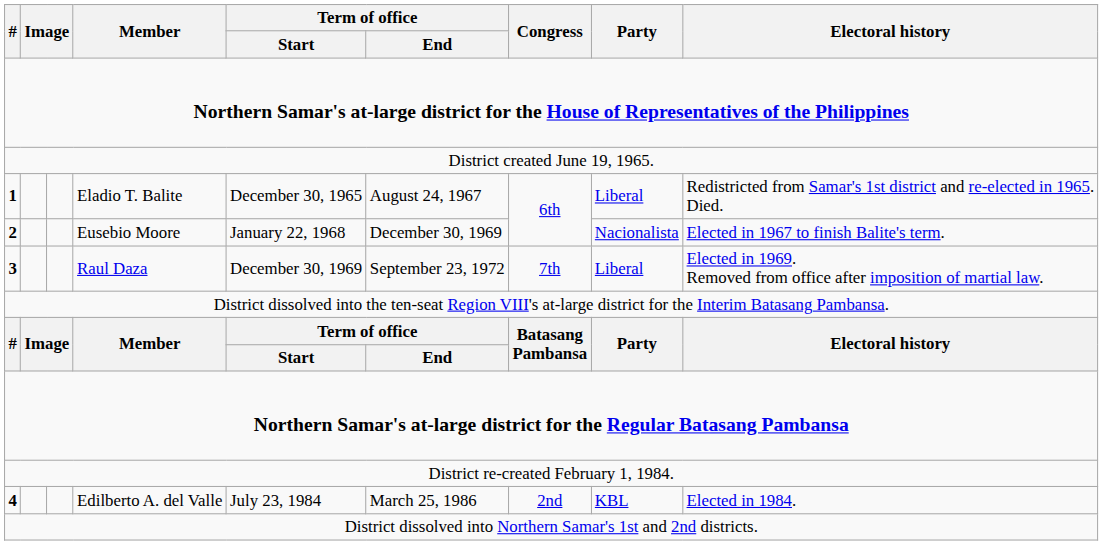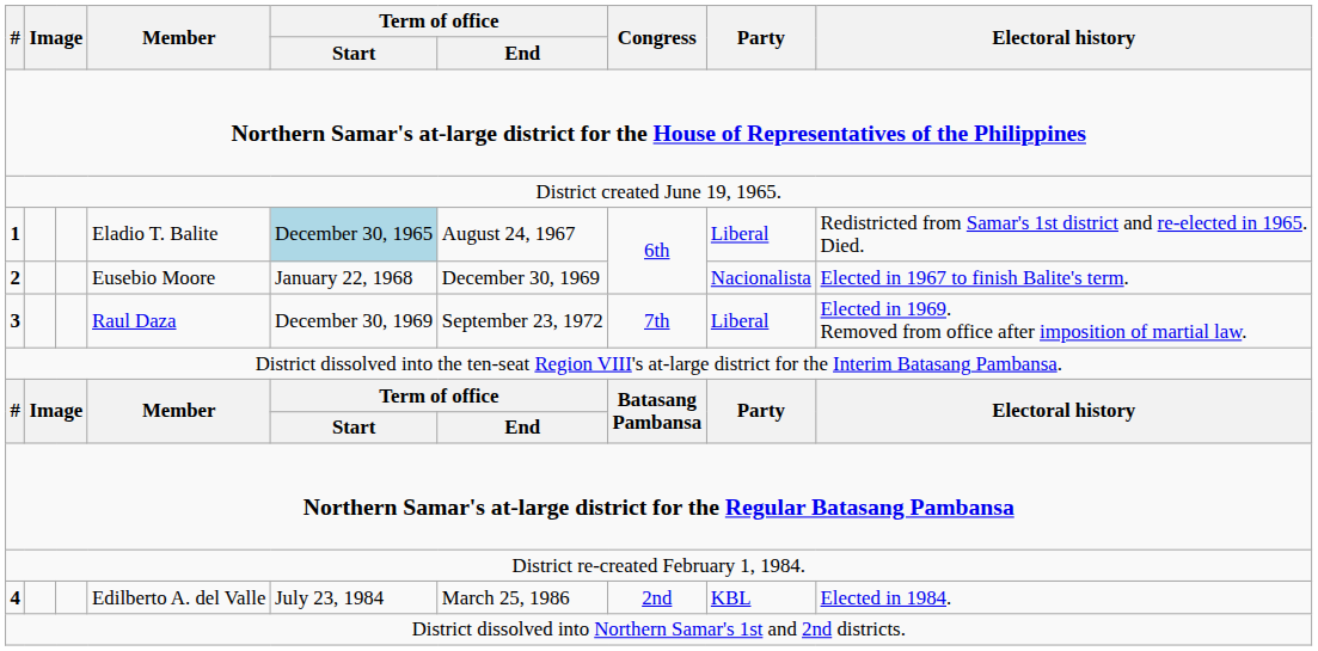 <table class=wikitable>
 <tr>
 <th rowspan="2">#</th>
 <th rowspan="2" colspan=2>Image</th>
 <th rowspan="2">Member</th>
 <th colspan=2>Term of office</th>
 <th rowspan="2">Congress</th>
 <th rowspan="2">Party</th>
 <th rowspan="2">Electoral history</th>
 </tr>
 <tr>
 <th>Start</th>
 <th>End</th>
 </tr>
 <tr>
 <td colspan="9" style="text-align:center;"><br><h3>Northern Samar's at-large district for the <a href='#'>House of Representatives of the Philippines</a></h3></td>
 </tr>
 <tr>
 <td colspan="9" style="text-align:center;">District created June 19, 1965.</td>
 </tr>
 <tr>
 <td style="text-align:center;"><strong>1</strong></td>
 <td style="color:inherit;background:"></td>
 <td></td>
 <td>Eladio T. Balite</td>
-<td>December 30, 1965</td>
+<td style="background: lightblue;">December 30, 1965</td>
 <td>August 24, 1967</td>
 <td rowspan="2" style="text-align:center;"><a href='#'>6th</a></td>
 <td><a href='#'>Liberal</a></td>
 <td>Redistricted from <a href='#'>Samar's 1st district</a> and <a href='#'>re-elected in 1965</a>.<br>Died.</td>
 </tr>
 <tr>
 <td style="text-align:center;"><strong>2</strong></td>
 <td style="color:inherit;background:"></td>
 <td></td>
 <td>Eusebio Moore</td>
 <td>January 22, 1968</td>
 <td>December 30, 1969</td>
 <td><a href='#'>Nacionalista</a></td>
 <td><a href='#'>Elected in 1967 to finish Balite's term</a>.</td>
 </tr>
 <tr>
 <td style="text-align:center;"><strong>3</strong></td>
 <td style="color:inherit;background:"></td>
 <td></td>
 <td><a href='#'>Raul Daza</a></td>
 <td>December 30, 1969</td>
 <td>September 23, 1972</td>
 <td style="text-align:center;"><a href='#'>7th</a></td>
 <td><a href='#'>Liberal</a></td>
 <td><a href='#'>Elected in 1969</a>.<br>Removed from office after <a href='#'>imposition of martial law</a>.</td>
 </tr>
 <tr>
 <td colspan="9" style="text-align:center;">District dissolved into the ten-seat <a href='#'>Region VIII</a>'s at-large district for the <a href='#'>Interim Batasang Pambansa</a>.</td>
 </tr>
 <tr>
 <th rowspan="2">#</th>
 <th rowspan="2" colspan=2>Image</th>
 <th rowspan="2">Member</th>
 <th colspan=2>Term of office</th>
 <th rowspan="2">Batasang<br>Pambansa</th>
 <th rowspan="2">Party</th>
 <th rowspan="2">Electoral history</th>
 </tr>
 <tr>
 <th>Start</th>
 <th>End</th>
 </tr>
 <tr>
 <td colspan="9" style="text-align:center;"><br><h3>Northern Samar's at-large district for the <a href='#'>Regular Batasang Pambansa</a></h3></td>
 </tr>
 <tr>
 <td colspan="9" style="text-align:center;">District re-created February 1, 1984.</td>
 </tr>
 <tr>
 <td style="text-align:center;"><strong>4</strong></td>
 <td style="color:inherit;background:"></td>
 <td></td>
 <td>Edilberto A. del Valle</td>
 <td>July 23, 1984</td>
 <td>March 25, 1986</td>
 <td style="text-align:center;"><a href='#'>2nd</a></td>
 <td><a href='#'>KBL</a></td>
 <td><a href='#'>Elected in 1984</a>.</td>
 </tr>
 <tr>
 <td colspan="9" style="text-align:center;">District dissolved into <a href='#'>Northern Samar's 1st</a> and <a href='#'>2nd</a> districts.</td>
 </tr>
 </table>
